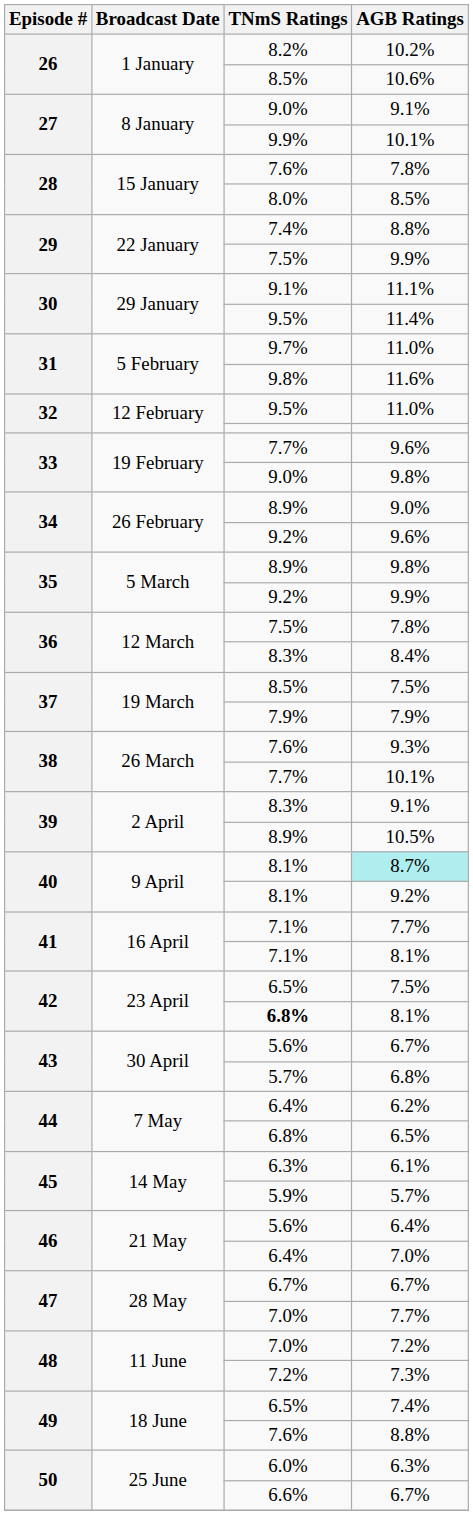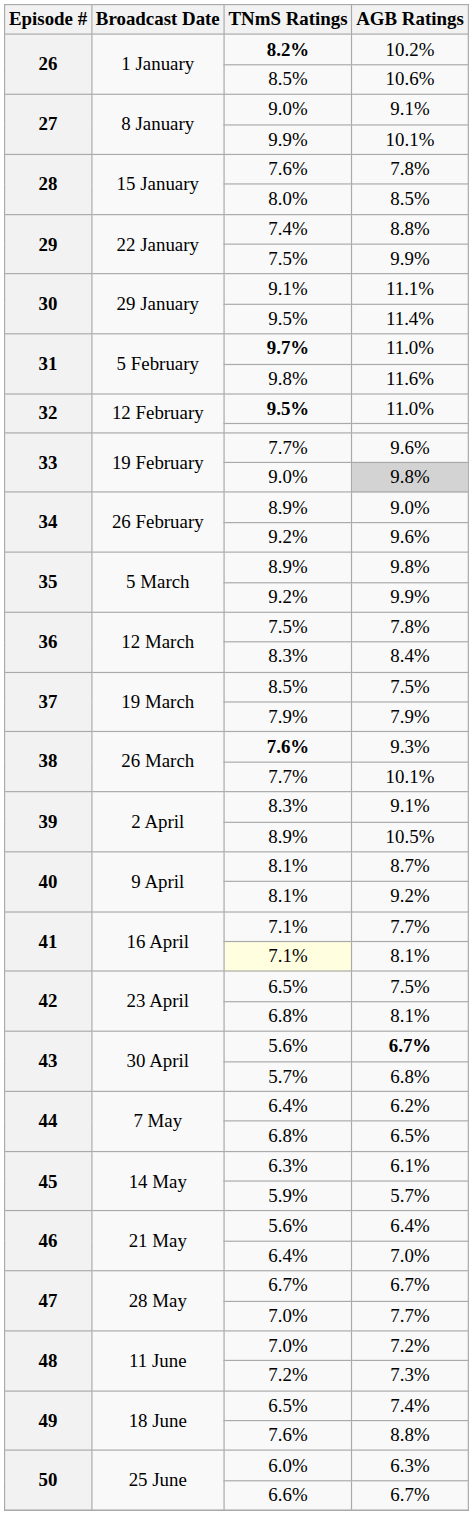 <table class="wikitable" style="text-align:center;">
 <tr>
 <th>Episode #</th>
 <th>Broadcast Date</th>
 <th>TNmS Ratings</th>
 <th>AGB Ratings</th>
 </tr>
 <tr>
 <th rowspan=2>26</th>
 <td rowspan=2>1 January</td>
-<td>8.2%</td>
+<td><strong>8.2%</strong></td>
 <td>10.2%</td>
 </tr>
 <tr>
 <td>8.5%</td>
 <td>10.6%</td>
 </tr>
 <tr>
 <th rowspan=2>27</th>
 <td rowspan=2>8 January</td>
 <td>9.0%</td>
 <td>9.1%</td>
 </tr>
 <tr>
 <td>9.9%</td>
 <td>10.1%</td>
 </tr>
 <tr>
 <th rowspan=2>28</th>
 <td rowspan=2>15 January</td>
 <td>7.6%</td>
 <td>7.8%</td>
 </tr>
 <tr>
 <td>8.0%</td>
 <td>8.5%</td>
 </tr>
 <tr>
 <th rowspan=2>29</th>
 <td rowspan=2>22 January</td>
 <td>7.4%</td>
 <td>8.8%</td>
 </tr>
 <tr>
 <td>7.5%</td>
 <td>9.9%</td>
 </tr>
 <tr>
 <th rowspan=2>30</th>
 <td rowspan=2>29 January</td>
 <td>9.1%</td>
 <td>11.1%</td>
 </tr>
 <tr>
 <td>9.5%</td>
 <td>11.4%</td>
 </tr>
 <tr>
 <th rowspan=2>31</th>
 <td rowspan=2>5 February</td>
-<td>9.7%</td>
+<td><strong>9.7%</strong></td>
 <td>11.0%</td>
 </tr>
 <tr>
 <td>9.8%</td>
 <td>11.6%</td>
 </tr>
 <tr>
 <th rowspan=2>32</th>
 <td rowspan=2>12 February</td>
-<td>9.5%</td>
+<td><strong>9.5%</strong></td>
 <td>11.0%</td>
 </tr>
 <tr>
 <td></td>
 <td></td>
 </tr>
 <tr>
 <th rowspan=2>33</th>
 <td rowspan=2>19 February</td>
 <td>7.7%</td>
 <td>9.6%</td>
 </tr>
 <tr>
 <td>9.0%</td>
-<td>9.8%</td>
+<td style="background: lightgrey;">9.8%</td>
 </tr>
 <tr>
 <th rowspan=2>34</th>
 <td rowspan=2>26 February</td>
 <td>8.9%</td>
 <td>9.0%</td>
 </tr>
 <tr>
 <td>9.2%</td>
 <td>9.6%</td>
 </tr>
 <tr>
 <th rowspan=2>35</th>
 <td rowspan=2>5 March</td>
 <td>8.9%</td>
 <td>9.8%</td>
 </tr>
 <tr>
 <td>9.2%</td>
 <td>9.9%</td>
 </tr>
 <tr>
 <th rowspan=2>36</th>
 <td rowspan=2>12 March</td>
 <td>7.5%</td>
 <td>7.8%</td>
 </tr>
 <tr>
 <td>8.3%</td>
 <td>8.4%</td>
 </tr>
 <tr>
 <th rowspan=2>37</th>
 <td rowspan=2>19 March</td>
 <td>8.5%</td>
 <td>7.5%</td>
 </tr>
 <tr>
 <td>7.9%</td>
 <td>7.9%</td>
 </tr>
 <tr>
 <th rowspan=2>38</th>
 <td rowspan=2>26 March</td>
-<td>7.6%</td>
+<td><strong>7.6%</strong></td>
 <td>9.3%</td>
 </tr>
 <tr>
 <td>7.7%</td>
 <td>10.1%</td>
 </tr>
 <tr>
 <th rowspan=2>39</th>
 <td rowspan=2>2 April</td>
 <td>8.3%</td>
 <td>9.1%</td>
 </tr>
 <tr>
 <td>8.9%</td>
 <td>10.5%</td>
 </tr>
 <tr>
 <th rowspan=2>40</th>
 <td rowspan=2>9 April</td>
 <td>8.1%</td>
-<td style="background: paleturquoise;">8.7%</td>
+<td>8.7%</td>
 </tr>
 <tr>
 <td>8.1%</td>
 <td>9.2%</td>
 </tr>
 <tr>
 <th rowspan=2>41</th>
 <td rowspan=2>16 April</td>
 <td>7.1%</td>
 <td>7.7%</td>
 </tr>
 <tr>
-<td>7.1%</td>
+<td style="background: lightyellow;">7.1%</td>
 <td>8.1%</td>
 </tr>
 <tr>
 <th rowspan=2>42</th>
 <td rowspan=2>23 April</td>
 <td>6.5%</td>
 <td>7.5%</td>
 </tr>
 <tr>
-<td><strong>6.8%</strong></td>
+<td>6.8%</td>
 <td>8.1%</td>
 </tr>
 <tr>
 <th rowspan=2>43</th>
 <td rowspan=2>30 April</td>
 <td>5.6%</td>
-<td>6.7%</td>
+<td><strong>6.7%</strong></td>
 </tr>
 <tr>
 <td>5.7%</td>
 <td>6.8%</td>
 </tr>
 <tr>
 <th rowspan=2>44</th>
 <td rowspan=2>7 May</td>
 <td>6.4%</td>
 <td>6.2%</td>
 </tr>
 <tr>
 <td>6.8%</td>
 <td>6.5%</td>
 </tr>
 <tr>
 <th rowspan=2>45</th>
 <td rowspan=2>14 May</td>
 <td>6.3%</td>
 <td>6.1%</td>
 </tr>
 <tr>
 <td>5.9%</td>
 <td>5.7%</td>
 </tr>
 <tr>
 <th rowspan=2>46</th>
 <td rowspan=2>21 May</td>
 <td>5.6%</td>
 <td>6.4%</td>
 </tr>
 <tr>
 <td>6.4%</td>
 <td>7.0%</td>
 </tr>
 <tr>
 <th rowspan=2>47</th>
 <td rowspan=2>28 May</td>
 <td>6.7%</td>
 <td>6.7%</td>
 </tr>
 <tr>
 <td>7.0%</td>
 <td>7.7%</td>
 </tr>
 <tr>
 <th rowspan=2>48</th>
 <td rowspan=2>11 June</td>
 <td>7.0%</td>
 <td>7.2%</td>
 </tr>
 <tr>
 <td>7.2%</td>
 <td>7.3%</td>
 </tr>
 <tr>
 <th rowspan=2>49</th>
 <td rowspan=2>18 June</td>
 <td>6.5%</td>
 <td>7.4%</td>
 </tr>
 <tr>
 <td>7.6%</td>
 <td>8.8%</td>
 </tr>
 <tr>
 <th rowspan=2>50</th>
 <td rowspan=2>25 June</td>
 <td>6.0%</td>
 <td>6.3%</td>
 </tr>
 <tr>
 <td>6.6%</td>
 <td>6.7%</td>
 </tr>
 <tr>
 </tr>
 </table>
